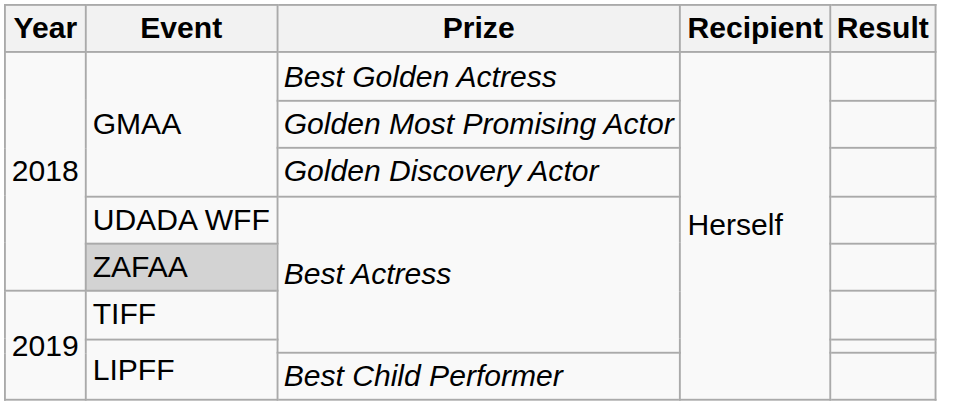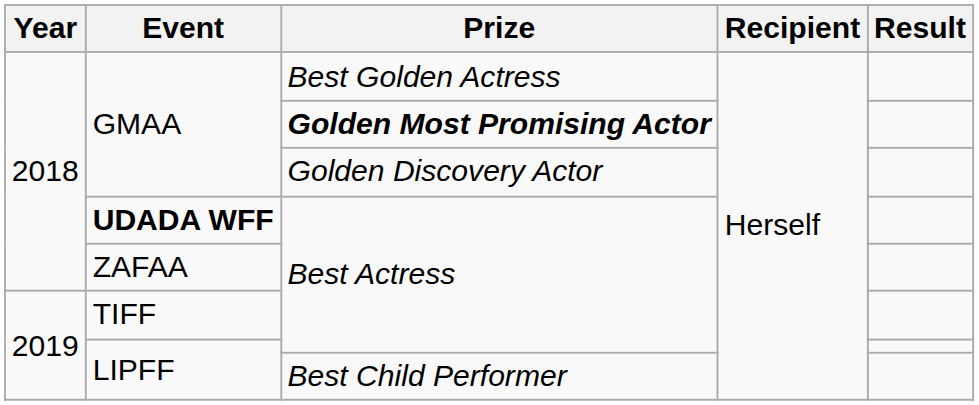 <table class="wikitable">
 <tr>
 <th>Year</th>
 <th>Event</th>
 <th>Prize</th>
 <th>Recipient</th>
 <th>Result</th>
 </tr>
 <tr>
 <td rowspan=5>2018</td>
 <td rowspan=3>GMAA</td>
 <td><em>Best Golden Actress</em></td>
 <td rowspan=8>Herself</td>
 <td></td>
 </tr>
 <tr>
-<td><em>Golden Most Promising Actor</em></td>
+<td><strong><em>Golden Most Promising Actor</em></strong></td>
 <td></td>
 </tr>
 <tr>
 <td><em>Golden Discovery Actor</em></td>
 <td></td>
 </tr>
 <tr>
-<td>UDADA WFF</td>
+<td><strong>UDADA WFF</strong></td>
 <td rowspan=4><em>Best Actress</em></td>
 <td></td>
 </tr>
 <tr>
-<td style="background: lightgrey;">ZAFAA</td>
+<td>ZAFAA</td>
 <td></td>
 </tr>
 <tr>
 <td rowspan=3>2019</td>
 <td>TIFF</td>
 <td></td>
 </tr>
 <tr>
 <td rowspan=2>LIPFF</td>
 <td></td>
 </tr>
 <tr>
 <td><em>Best Child Performer</em></td>
 <td></td>
 </tr>
 </table>
